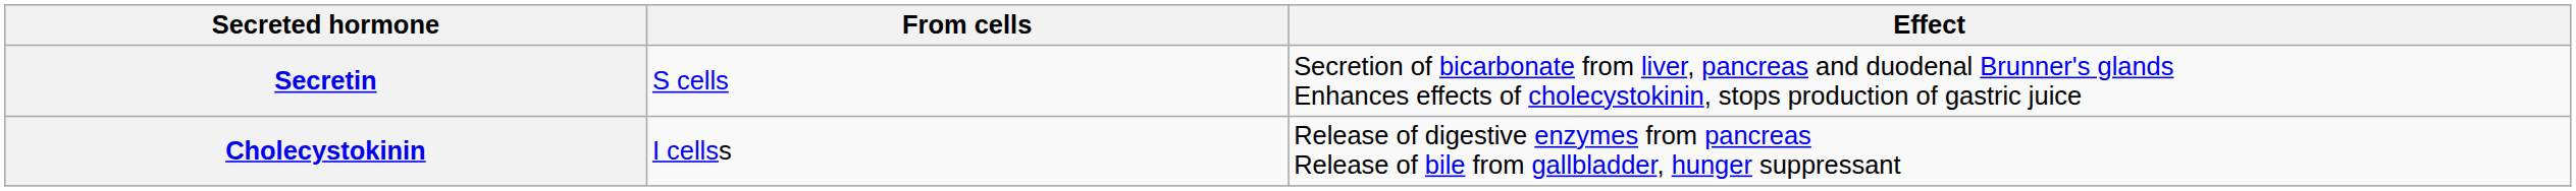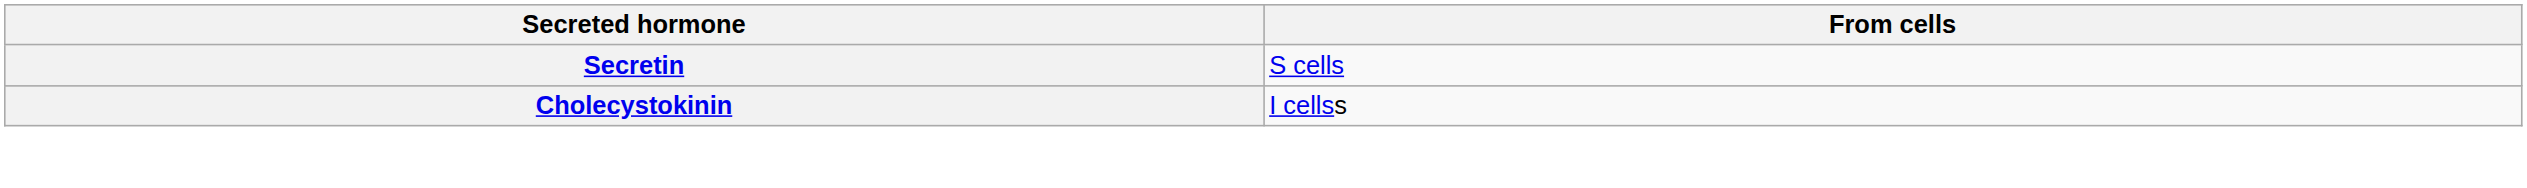 <table class="wikitable" width=100%>
 <tr>
 <th width=25%>Secreted hormone</th>
 <th width=25%>From cells</th>
-<th>Effect</th>
 </tr>
 <tr>
 <th><a href='#'>Secretin</a></th>
 <td><a href='#'>S cells</a></td>
-<td>Secretion of <a href='#'>bicarbonate</a> from <a href='#'>liver</a>, <a href='#'>pancreas</a> and duodenal <a href='#'>Brunner's glands</a><br>Enhances effects of <a href='#'>cholecystokinin</a>, stops production of gastric juice</td>
 </tr>
 <tr>
 <th><a href='#'>Cholecystokinin</a></th>
 <td><a href='#'>I cells</a>s</td>
-<td>Release of digestive <a href='#'>enzymes</a> from <a href='#'>pancreas</a><br>Release of <a href='#'>bile</a> from <a href='#'>gallbladder</a>, <a href='#'>hunger</a> suppressant</td>
 </tr>
 </table>
